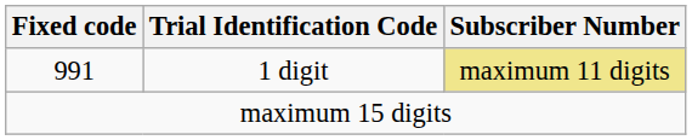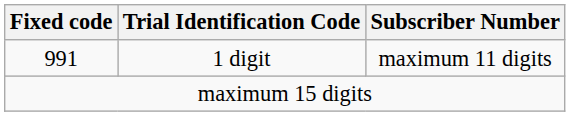 <table class="wikitable">
 <tr>
 <th>Fixed code</th>
 <th>Trial Identification Code</th>
 <th>Subscriber Number</th>
 </tr>
 <tr style="text-align:center;">
 <td>991</td>
 <td>1 digit</td>
-<td style="background: khaki;">maximum 11 digits</td>
+<td>maximum 11 digits</td>
 </tr>
 <tr>
 <td colspan="3" style="text-align:center;">maximum 15 digits</td>
 </tr>
 </table>
